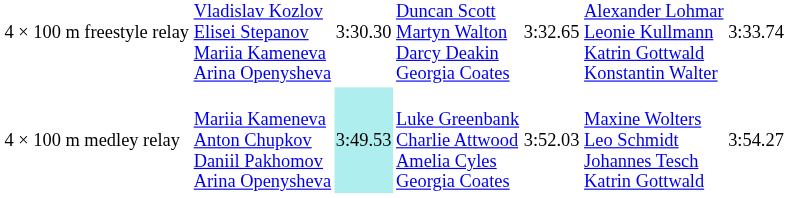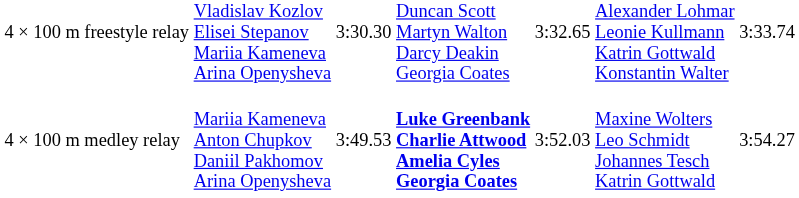 <table>
 <tr>
 <td>4 × 100 m freestyle relay<br></td>
 <td valign=top><br><a href='#'>Vladislav Kozlov</a> <br><a href='#'>Elisei Stepanov</a> <br><a href='#'>Mariia Kameneva</a> <br><a href='#'>Arina Openysheva</a></td>
 <td>3:30.30</td>
 <td valign=top><br><a href='#'>Duncan Scott</a> <br><a href='#'>Martyn Walton</a> <br><a href='#'>Darcy Deakin</a><br><a href='#'>Georgia Coates</a></td>
 <td>3:32.65</td>
 <td valign=top><br><a href='#'>Alexander Lohmar</a> <br><a href='#'>Leonie Kullmann</a> <br><a href='#'>Katrin Gottwald</a> <br><a href='#'>Konstantin Walter</a></td>
 <td>3:33.74</td>
 </tr>
 <tr>
 <td>4 × 100 m medley relay<br></td>
 <td valign=top><br><a href='#'>Mariia Kameneva</a> <br><a href='#'>Anton Chupkov</a> <br><a href='#'>Daniil Pakhomov</a> <br><a href='#'>Arina Openysheva</a></td>
-<td style="background: paleturquoise;">3:49.53</td>
-<td valign=top><br><a href='#'>Luke Greenbank</a> <br><a href='#'>Charlie Attwood</a> <br><a href='#'>Amelia Cyles</a><br><a href='#'>Georgia Coates</a></td>
+<td>3:49.53</td>
+<td valign=top><strong><br><a href='#'>Luke Greenbank</a> <br><a href='#'>Charlie Attwood</a> <br><a href='#'>Amelia Cyles</a><br><a href='#'>Georgia Coates</a></strong></td>
 <td>3:52.03</td>
 <td valign=top><br><a href='#'>Maxine Wolters</a> <br><a href='#'>Leo Schmidt</a> <br><a href='#'>Johannes Tesch</a> <br><a href='#'>Katrin Gottwald</a></td>
 <td>3:54.27</td>
 </tr>
 <tr>
 </tr>
 </table>
